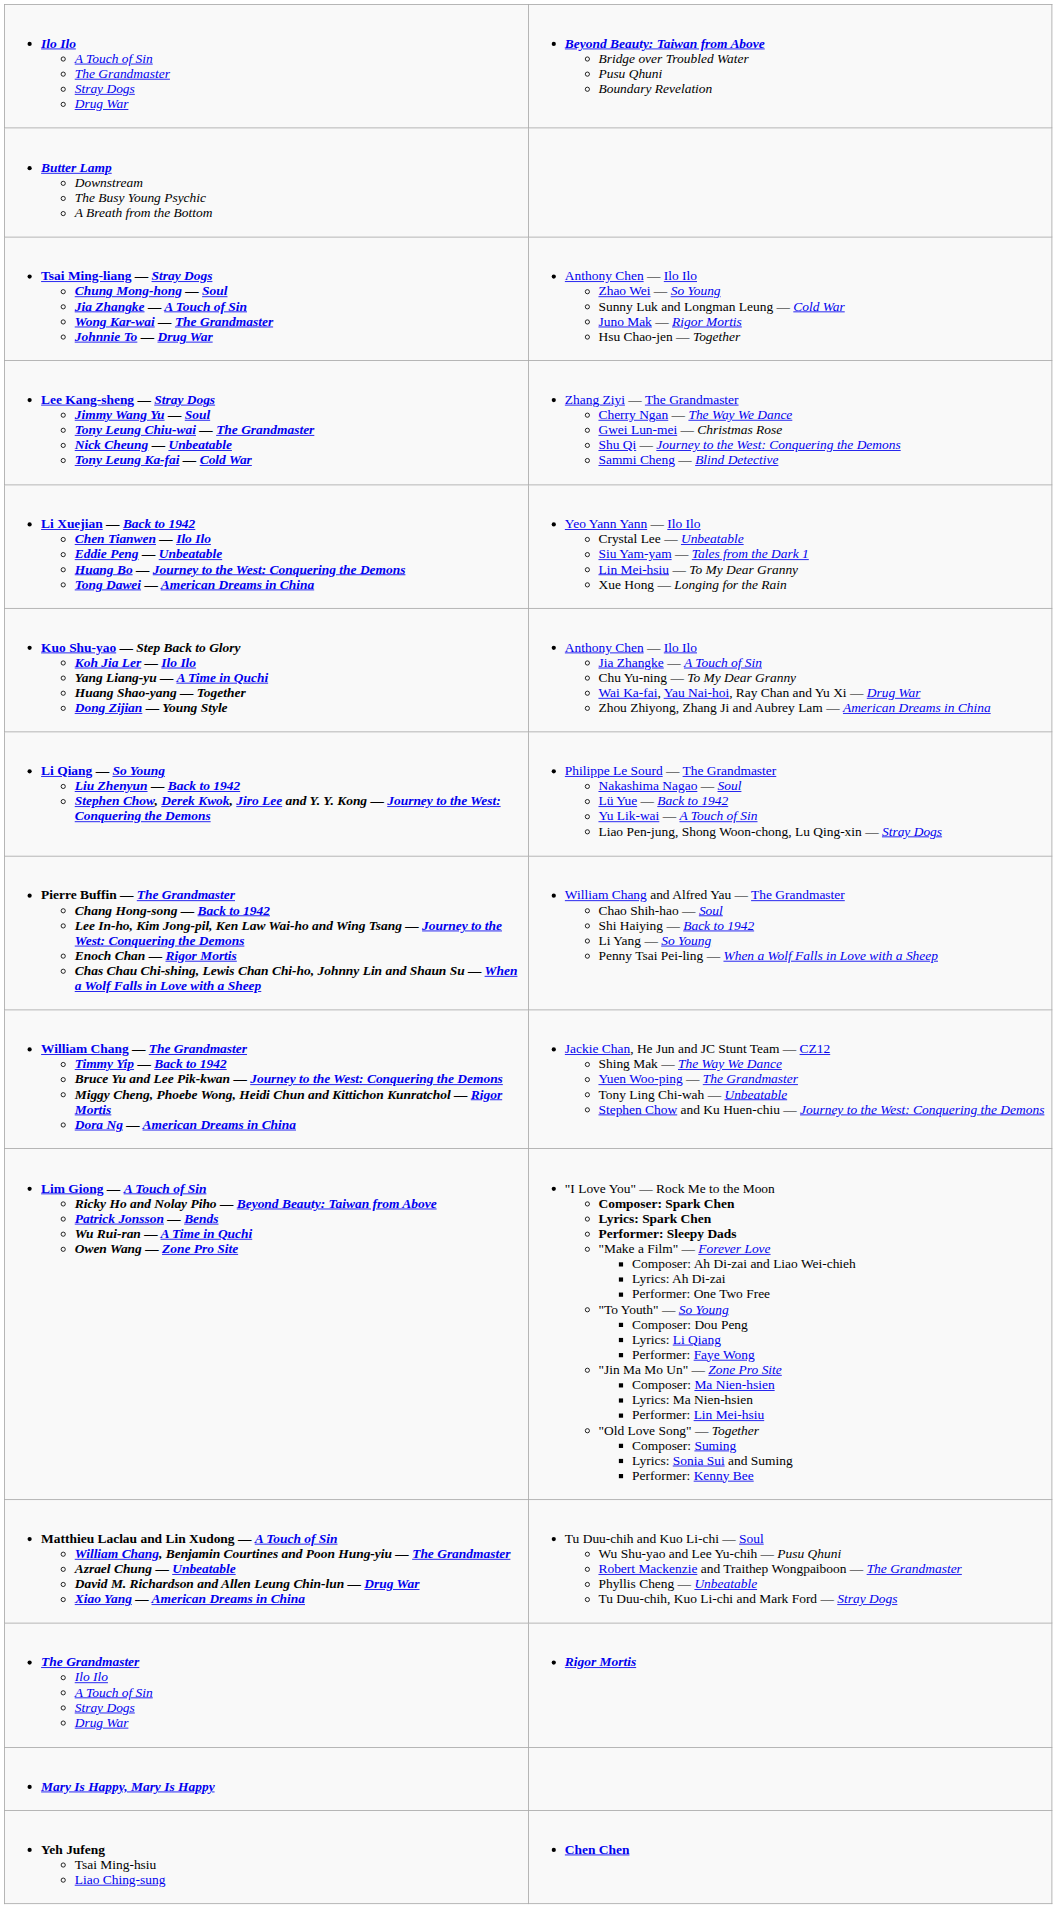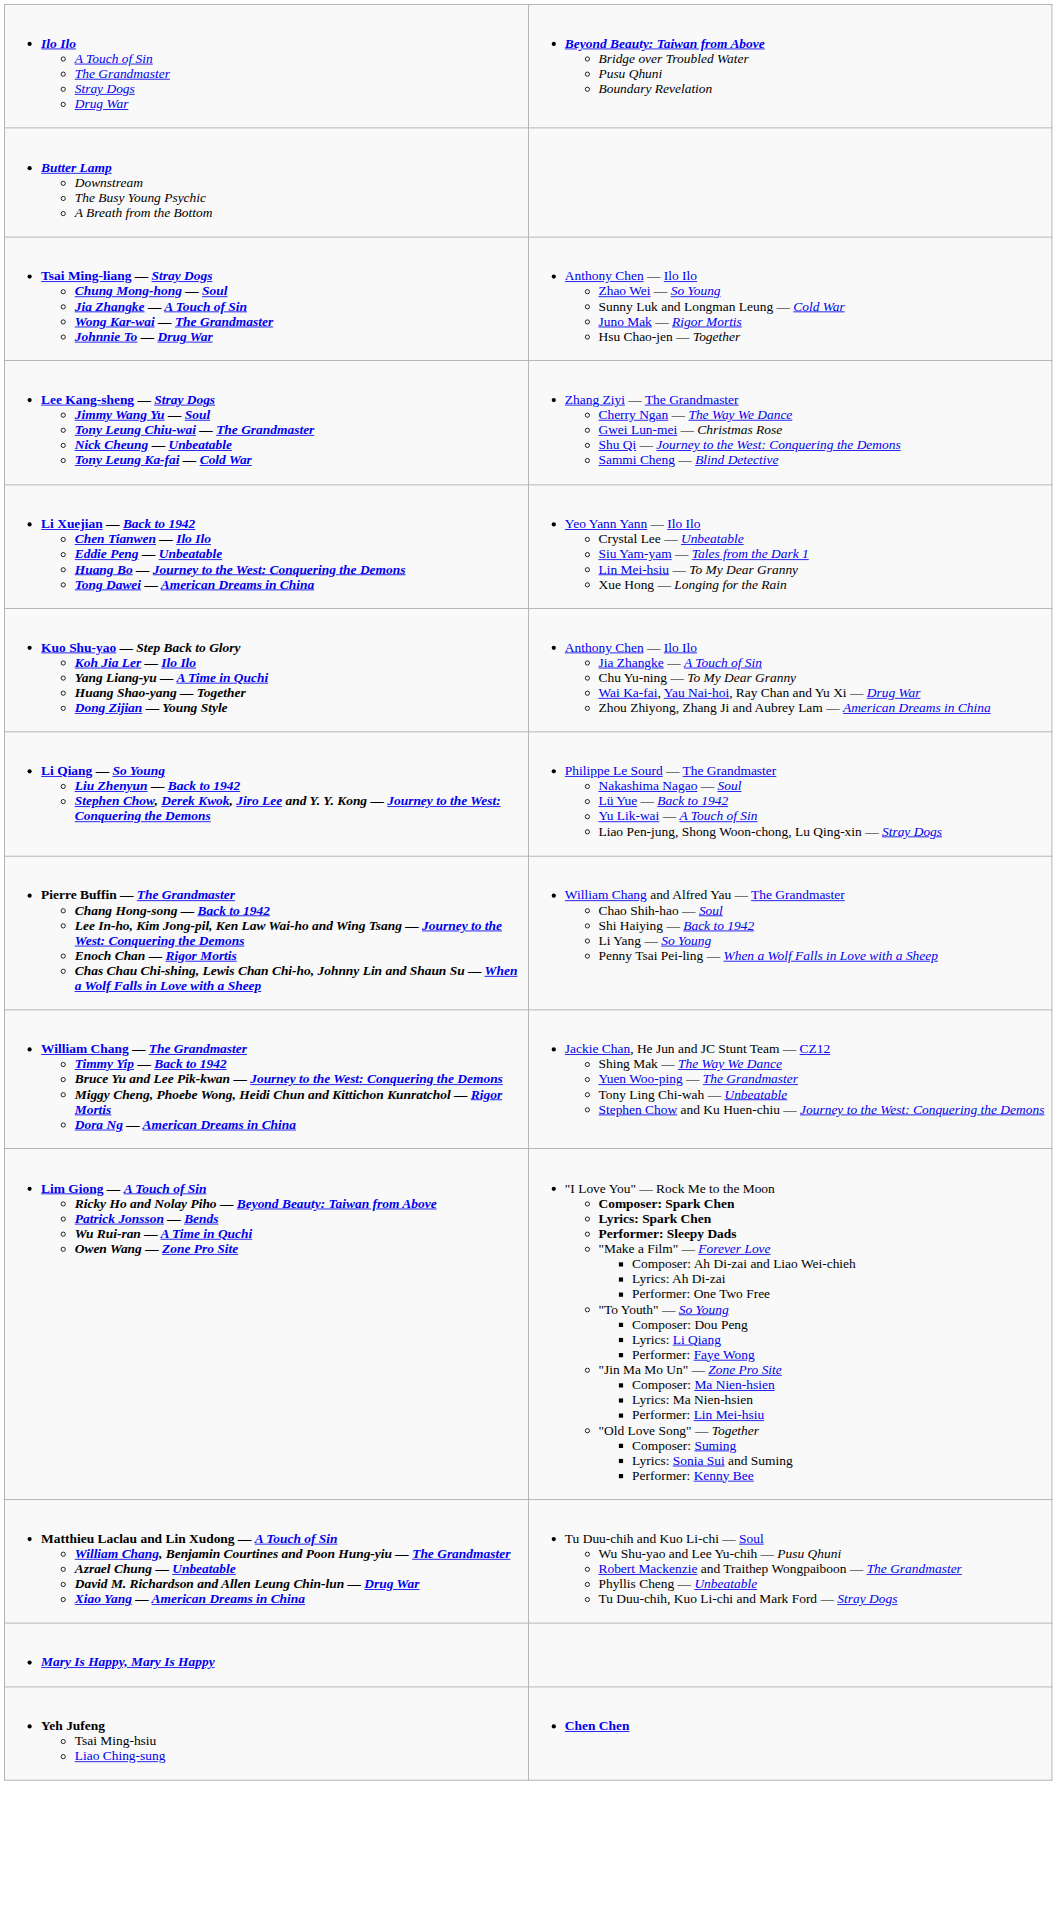 <table class=wikitable>
 <tr>
 <td valign="top" width="50%"><br><ul><li><strong><em><a href='#'>Ilo Ilo</a></em></strong><ul><li><em><a href='#'>A Touch of Sin</a></em></li><li><em><a href='#'>The Grandmaster</a></em></li><li><em><a href='#'>Stray Dogs</a></em></li><li><em><a href='#'>Drug War</a></em></li></ul></li></ul></td>
 <td valign="top" width="50%"><br><ul><li><strong><em><a href='#'>Beyond Beauty: Taiwan from Above</a></em></strong><ul><li><em>Bridge over Troubled Water</em></li><li><em>Pusu Qhuni</em></li><li><em>Boundary Revelation</em></li></ul></li></ul></td>
 </tr>
 <tr>
 <td valign="top" width="50%"><br><ul><li><strong><em><a href='#'>Butter Lamp</a></em></strong><ul><li><em>Downstream</em></li><li><em>The Busy Young Psychic</em></li><li><em>A Breath from the Bottom</em></li></ul></li></ul></td>
 <td valign="top" width="50%"><br> </td>
 </tr>
 <tr>
 <td valign="top" width="50%"><br><ul><li><strong><a href='#'>Tsai Ming-liang</a> — <em><a href='#'>Stray Dogs</a><strong><em><ul><li><a href='#'>Chung Mong-hong</a>  — </em><a href='#'>Soul</a><em></li><li><a href='#'>Jia Zhangke</a> — </em><a href='#'>A Touch of Sin</a><em></li><li><a href='#'>Wong Kar-wai</a> — </em><a href='#'>The Grandmaster</a><em></li><li><a href='#'>Johnnie To</a> — </em><a href='#'>Drug War</a><em></li></ul></li></ul></td>
 <td valign="top" width="50%"><br><ul><li></strong><a href='#'>Anthony Chen</a> — </em><a href='#'>Ilo Ilo</a></em></strong><ul><li><a href='#'>Zhao Wei</a> — <em><a href='#'>So Young</a></em></li><li>Sunny Luk and Longman Leung — <em><a href='#'>Cold War</a></em></li><li><a href='#'>Juno Mak</a> — <em><a href='#'>Rigor Mortis</a></em></li><li>Hsu Chao-jen — <em>Together</em></li></ul></li></ul></td>
 </tr>
 <tr>
 <td valign="top" width="50%"><br><ul><li><strong><a href='#'>Lee Kang-sheng</a> — <em><a href='#'>Stray Dogs</a><strong><em><ul><li><a href='#'>Jimmy Wang Yu</a> — </em><a href='#'>Soul</a><em></li><li><a href='#'>Tony Leung Chiu-wai</a> — </em><a href='#'>The Grandmaster</a><em></li><li><a href='#'>Nick Cheung</a> — </em><a href='#'>Unbeatable</a><em></li><li><a href='#'>Tony Leung Ka-fai</a> — </em><a href='#'>Cold War</a><em></li></ul></li></ul></td>
 <td valign="top" width="50%"><br><ul><li></strong><a href='#'>Zhang Ziyi</a> — </em><a href='#'>The Grandmaster</a></em></strong><ul><li><a href='#'>Cherry Ngan</a> — <em><a href='#'>The Way We Dance</a></em></li><li><a href='#'>Gwei Lun-mei</a> — <em>Christmas Rose</em></li><li><a href='#'>Shu Qi</a> — <em><a href='#'>Journey to the West: Conquering the Demons</a></em></li><li><a href='#'>Sammi Cheng</a> — <em><a href='#'>Blind Detective</a></em></li></ul></li></ul></td>
 </tr>
 <tr>
 <td valign="top" width="50%"><br><ul><li><strong><a href='#'>Li Xuejian</a> — <em><a href='#'>Back to 1942</a><strong><em><ul><li><a href='#'>Chen Tianwen</a> — </em><a href='#'>Ilo Ilo</a><em></li><li><a href='#'>Eddie Peng</a> — </em><a href='#'>Unbeatable</a><em></li><li><a href='#'>Huang Bo</a> — </em><a href='#'>Journey to the West: Conquering the Demons</a><em></li><li><a href='#'>Tong Dawei</a> — </em><a href='#'>American Dreams in China</a><em></li></ul></li></ul></td>
 <td valign="top" width="50%"><br><ul><li></strong><a href='#'>Yeo Yann Yann</a> — </em><a href='#'>Ilo Ilo</a></em></strong><ul><li>Crystal Lee — <em><a href='#'>Unbeatable</a></em></li><li><a href='#'>Siu Yam-yam</a> — <em><a href='#'>Tales from the Dark 1</a></em></li><li><a href='#'>Lin Mei-hsiu</a> — <em>To My Dear Granny</em></li><li>Xue Hong — <em>Longing for the Rain</em></li></ul></li></ul></td>
 </tr>
 <tr>
 <td valign="top" width="50%"><br><ul><li><strong><a href='#'>Kuo Shu-yao</a> — <em>Step Back to Glory<strong><em><ul><li><a href='#'>Koh Jia Ler</a> — </em><a href='#'>Ilo Ilo</a><em></li><li>Yang Liang-yu — </em><a href='#'>A Time in Quchi</a><em></li><li>Huang Shao-yang — </em>Together<em></li><li><a href='#'>Dong Zijian</a> — </em>Young Style<em></li></ul></li></ul></td>
 <td valign="top" width="50%"><br><ul><li></strong><a href='#'>Anthony Chen</a> — </em><a href='#'>Ilo Ilo</a></em></strong><ul><li><a href='#'>Jia Zhangke</a> — <em><a href='#'>A Touch of Sin</a></em></li><li>Chu Yu-ning — <em>To My Dear Granny</em></li><li><a href='#'>Wai Ka-fai</a>, <a href='#'>Yau Nai-hoi</a>, Ray Chan and Yu Xi — <em><a href='#'>Drug War</a></em></li><li>Zhou Zhiyong, Zhang Ji and Aubrey Lam — <em><a href='#'>American Dreams in China</a></em></li></ul></li></ul></td>
 </tr>
 <tr>
 <td valign="top" width="50%"><br><ul><li><strong><a href='#'>Li Qiang</a> — <em><a href='#'>So Young</a><strong><em><ul><li><a href='#'>Liu Zhenyun</a> — </em><a href='#'>Back to 1942</a><em></li><li><a href='#'>Stephen Chow</a>, <a href='#'>Derek Kwok</a>, <a href='#'>Jiro Lee</a> and Y. Y. Kong — </em><a href='#'>Journey to the West: Conquering the Demons</a><em></li></ul></li></ul></td>
 <td valign="top" width="50%"><br><ul><li></strong><a href='#'>Philippe Le Sourd</a> — </em><a href='#'>The Grandmaster</a></em></strong><ul><li><a href='#'>Nakashima Nagao</a> — <em><a href='#'>Soul</a></em></li><li><a href='#'>Lü Yue</a> — <em><a href='#'>Back to 1942</a></em></li><li><a href='#'>Yu Lik-wai</a> — <em><a href='#'>A Touch of Sin</a></em></li><li>Liao Pen-jung, Shong Woon-chong, Lu Qing-xin — <em><a href='#'>Stray Dogs</a></em></li></ul></li></ul></td>
 </tr>
 <tr>
 <td valign="top" width="50%"><br><ul><li><strong>Pierre Buffin — <em><a href='#'>The Grandmaster</a><strong><em><ul><li>Chang Hong-song  — </em><a href='#'>Back to 1942</a><em></li><li>Lee In-ho, Kim Jong-pil, Ken Law Wai-ho and Wing Tsang — </em><a href='#'>Journey to the West: Conquering the Demons</a><em></li><li>Enoch Chan — </em><a href='#'>Rigor Mortis</a><em></li><li>Chas Chau Chi-shing, Lewis Chan Chi-ho, Johnny Lin and Shaun Su — </em><a href='#'>When a Wolf Falls in Love with a Sheep</a><em></li></ul></li></ul></td>
 <td valign="top" width="50%"><br><ul><li></strong><a href='#'>William Chang</a> and Alfred Yau — </em><a href='#'>The Grandmaster</a></em></strong><ul><li>Chao Shih-hao — <em><a href='#'>Soul</a></em></li><li>Shi Haiying — <em><a href='#'>Back to 1942</a></em></li><li>Li Yang — <em><a href='#'>So Young</a></em></li><li>Penny Tsai Pei-ling — <em><a href='#'>When a Wolf Falls in Love with a Sheep</a></em></li></ul></li></ul></td>
 </tr>
 <tr>
 <td valign="top" width="50%"><br><ul><li><strong><a href='#'>William Chang</a> — <em><a href='#'>The Grandmaster</a><strong><em><ul><li><a href='#'>Timmy Yip</a> — </em><a href='#'>Back to 1942</a><em></li><li>Bruce Yu and Lee Pik-kwan — </em><a href='#'>Journey to the West: Conquering the Demons</a><em></li><li>Miggy Cheng, Phoebe Wong, Heidi Chun and Kittichon Kunratchol — </em><a href='#'>Rigor Mortis</a><em></li><li><a href='#'>Dora Ng</a> — </em><a href='#'>American Dreams in China</a><em></li></ul></li></ul></td>
 <td valign="top" width="50%"><br><ul><li></strong><a href='#'>Jackie Chan</a>, He Jun and JC Stunt Team — </em><a href='#'>CZ12</a></em></strong><ul><li>Shing Mak — <em><a href='#'>The Way We Dance</a></em></li><li><a href='#'>Yuen Woo-ping</a> — <em><a href='#'>The Grandmaster</a></em></li><li>Tony Ling Chi-wah — <em><a href='#'>Unbeatable</a></em></li><li><a href='#'>Stephen Chow</a> and Ku Huen-chiu — <em><a href='#'>Journey to the West: Conquering the Demons</a></em></li></ul></li></ul></td>
 </tr>
 <tr>
 <td valign="top" width="50%"><br><ul><li><strong><a href='#'>Lim Giong</a> — <em><a href='#'>A Touch of Sin</a><strong><em><ul><li>Ricky Ho and Nolay Piho — </em><a href='#'>Beyond Beauty: Taiwan from Above</a><em></li><li><a href='#'>Patrick Jonsson</a> — </em><a href='#'>Bends</a><em></li><li>Wu Rui-ran — </em><a href='#'>A Time in Quchi</a><em></li><li>Owen Wang — </em><a href='#'>Zone Pro Site</a><em></li></ul></li></ul></td>
 <td valign="top" width="50%"><br><ul><li></strong>"I Love You" — </em>Rock Me to the Moon</em></strong><ul><li><strong>Composer: Spark Chen</strong></li><li><strong>Lyrics: Spark Chen</strong></li><li><strong>Performer: Sleepy Dads</strong></li><li>"Make a Film" — <em><a href='#'>Forever Love</a></em><ul><li>Composer: Ah Di-zai and Liao Wei-chieh</li><li>Lyrics: Ah Di-zai</li><li>Performer: One Two Free</li></ul></li><li>"To Youth" — <em><a href='#'>So Young</a></em><ul><li>Composer: Dou Peng</li><li>Lyrics: <a href='#'>Li Qiang</a></li><li>Performer: <a href='#'>Faye Wong</a></li></ul></li><li>"Jin Ma Mo Un" — <em><a href='#'>Zone Pro Site</a></em><ul><li>Composer: <a href='#'>Ma Nien-hsien</a></li><li>Lyrics: Ma Nien-hsien</li><li>Performer: <a href='#'>Lin Mei-hsiu</a></li></ul></li><li>"Old Love Song" — <em>Together</em><ul><li>Composer: <a href='#'>Suming</a></li><li>Lyrics: <a href='#'>Sonia Sui</a> and Suming</li><li>Performer: <a href='#'>Kenny Bee</a></li></ul></li></ul></li></ul></td>
 </tr>
 <tr>
 <td valign="top" width="50%"><br><ul><li><strong>Matthieu Laclau and Lin Xudong — <em><a href='#'>A Touch of Sin</a><strong><em><ul><li><a href='#'>William Chang</a>, Benjamin Courtines and Poon Hung-yiu — </em><a href='#'>The Grandmaster</a><em></li><li>Azrael Chung — </em><a href='#'>Unbeatable</a><em></li><li>David M. Richardson and Allen Leung Chin-lun — </em><a href='#'>Drug War</a><em></li><li><a href='#'>Xiao Yang</a> — </em><a href='#'>American Dreams in China</a><em></li></ul></li></ul></td>
 <td valign="top" width="50%"><br><ul><li></strong>Tu Duu-chih and Kuo Li-chi — </em><a href='#'>Soul</a></em></strong><ul><li>Wu Shu-yao and Lee Yu-chih — <em>Pusu Qhuni</em></li><li><a href='#'>Robert Mackenzie</a> and Traithep Wongpaiboon — <em><a href='#'>The Grandmaster</a></em></li><li>Phyllis Cheng — <em><a href='#'>Unbeatable</a></em></li><li>Tu Duu-chih, Kuo Li-chi and Mark Ford — <em><a href='#'>Stray Dogs</a></em></li></ul></li></ul></td>
 </tr>
 <tr>
-<td valign="top" width="50%"><br><ul><li><strong><em><a href='#'>The Grandmaster</a></em></strong><ul><li><em><a href='#'>Ilo Ilo</a></em></li><li><em><a href='#'>A Touch of Sin</a></em></li><li><em><a href='#'>Stray Dogs</a></em></li><li><em><a href='#'>Drug War</a></em></li></ul></li></ul></td>
-<td valign="top" width="50%"><br><ul><li><strong><em><a href='#'>Rigor Mortis</a></em></strong></li></ul></td>
-</tr>
-<tr>
 <td valign="top" width="50%"><br><ul><li><strong><em><a href='#'>Mary Is Happy, Mary Is Happy</a></em></strong></li></ul></td>
 </tr>
 <tr>
 <td valign="top" width="50%"><br><ul><li><strong>Yeh Jufeng</strong><ul><li>Tsai Ming-hsiu</li><li><a href='#'>Liao Ching-sung</a></li></ul></li></ul></td>
 <td valign="top" width="50%"><br><ul><li><strong><a href='#'>Chen Chen</a></strong></li></ul></td>
 </tr>
 </table>
